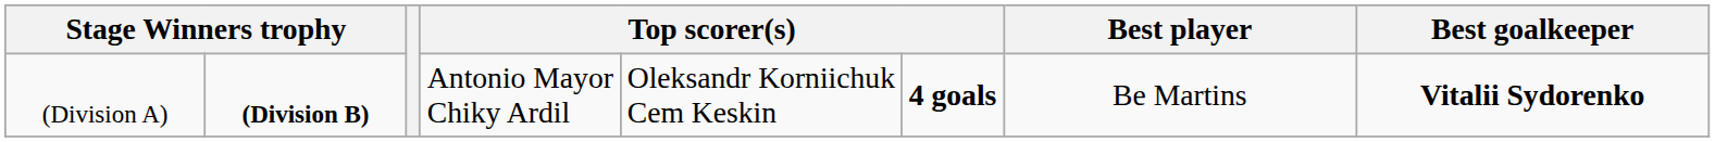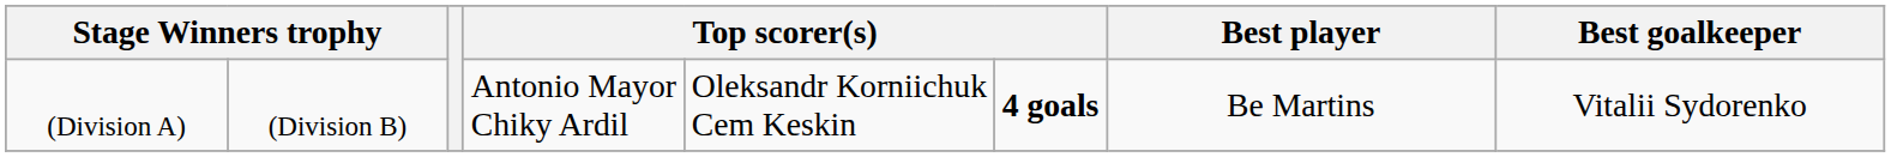 <table class="wikitable" style="text-align: center; font-size: 97%;">
 <tr>
 <th colspan=2 width=200>Stage Winners trophy</th>
 <th rowspan=2></th>
 <th colspan=3 width=200>Top scorer(s)</th>
 <th width=175>Best player</th>
 <th width=175>Best goalkeeper</th>
 </tr>
 <tr align=center style="background:">
 <td style="text-align:center;"><br><small>(Division A)</small></td>
-<td><strong><br><small>(Division B)</small></strong></td>
+<td><br><small>(Division B)</small></td>
 <td style="text-align:left;"> Antonio Mayor<br> Chiky Ardil</td>
 <td style="text-align:left;"> Oleksandr Korniichuk<br> Cem Keskin</td>
 <td><strong>4 goals</strong></td>
 <td> Be Martins</td>
-<td><strong> Vitalii Sydorenko</strong></td>
+<td> Vitalii Sydorenko</td>
 </tr>
 </table>
